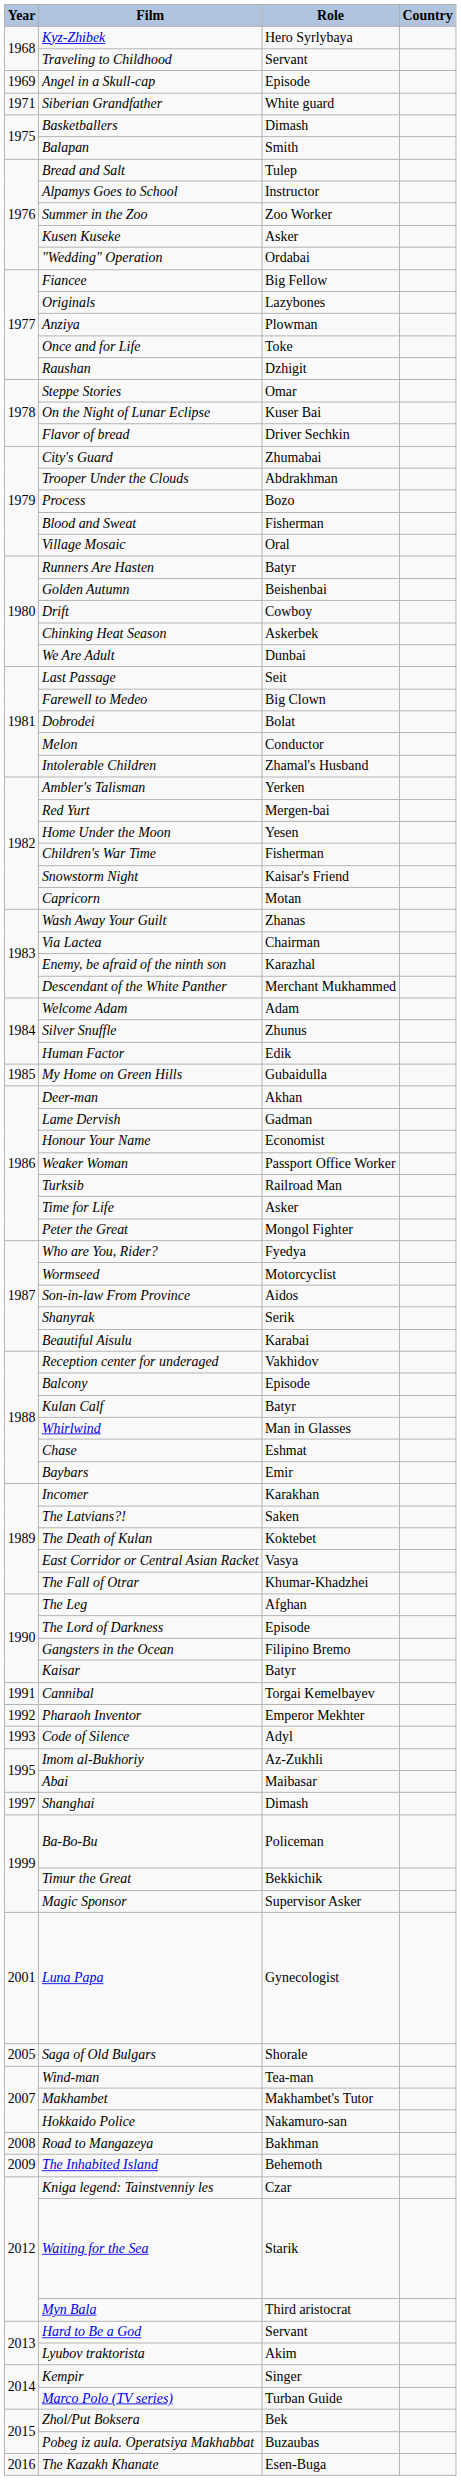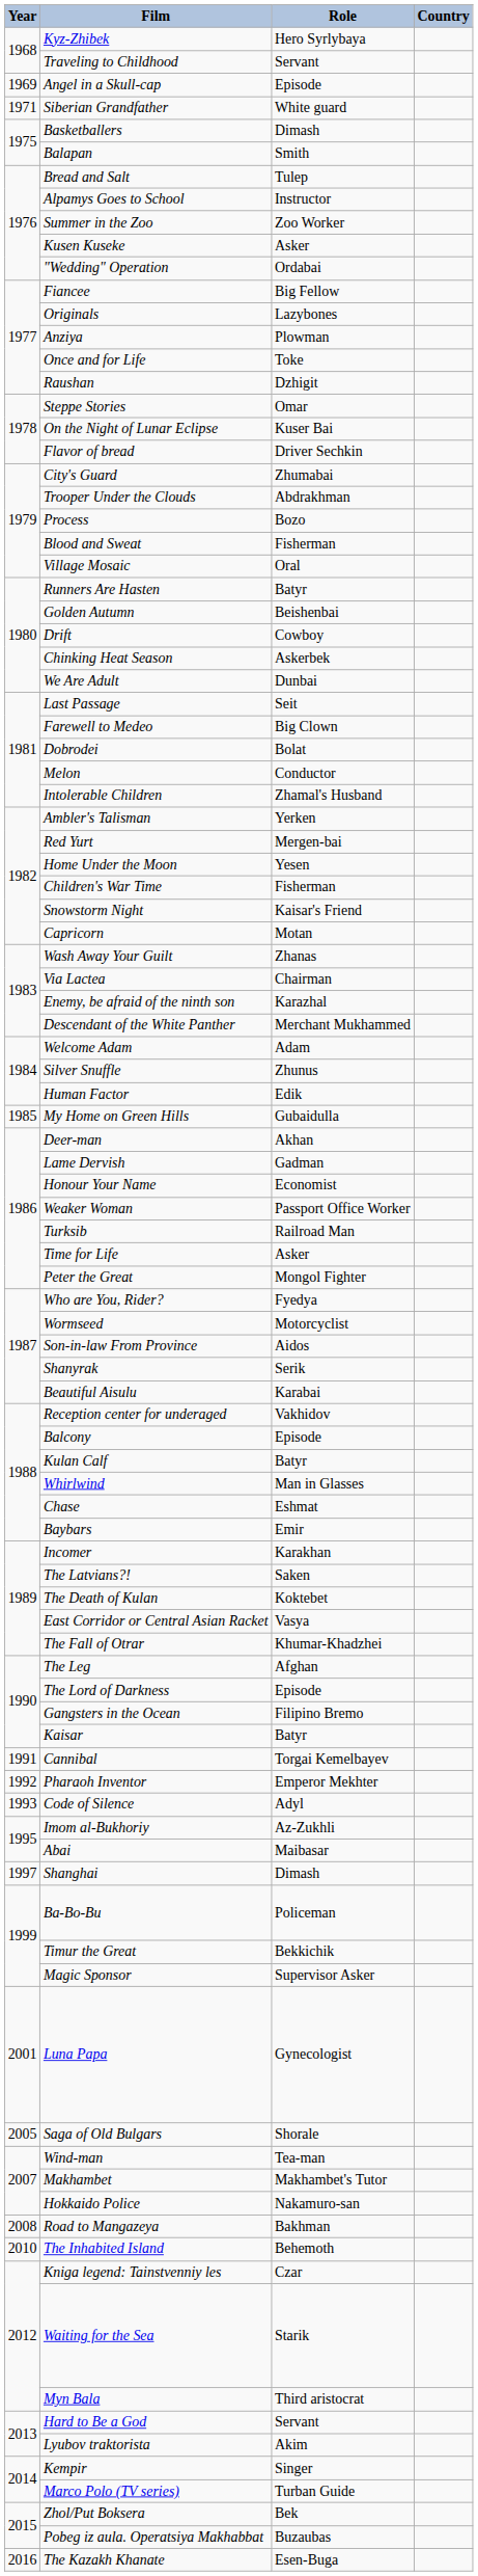 <table class="wikitable">
 <tr>
 <th style="background:#B0C4DE;">Year</th>
 <th style="background:#B0C4DE;">Film</th>
 <th style="background:#B0C4DE;">Role</th>
 <th style="background:#B0C4DE;">Country</th>
 </tr>
 <tr>
 <td rowspan="2">1968</td>
 <td><em><a href='#'>Kyz-Zhibek</a></em></td>
 <td>Hero Syrlybaya</td>
 <td></td>
 </tr>
 <tr>
 <td><em>Traveling to Childhood</em></td>
 <td>Servant</td>
 <td></td>
 </tr>
 <tr>
 <td>1969</td>
 <td><em>Angel in a Skull-cap</em></td>
 <td>Episode</td>
 <td></td>
 </tr>
 <tr>
 <td>1971</td>
 <td><em>Siberian Grandfather</em></td>
 <td>White guard</td>
 <td></td>
 </tr>
 <tr>
 <td rowspan="2">1975</td>
 <td><em>Basketballers</em></td>
 <td>Dimash</td>
 <td></td>
 </tr>
 <tr>
 <td><em>Balapan</em></td>
 <td>Smith</td>
 <td></td>
 </tr>
 <tr>
 <td rowspan="5">1976</td>
 <td><em>Bread and Salt</em></td>
 <td>Tulep</td>
 <td></td>
 </tr>
 <tr>
 <td><em>Alpamys Goes to School</em></td>
 <td>Instructor</td>
 <td></td>
 </tr>
 <tr>
 <td><em>Summer in the Zoo</em></td>
 <td>Zoo Worker</td>
 <td></td>
 </tr>
 <tr>
 <td><em>Kusen Kuseke</em></td>
 <td>Asker</td>
 <td></td>
 </tr>
 <tr>
 <td><em>"Wedding" Operation</em></td>
 <td>Ordabai</td>
 <td></td>
 </tr>
 <tr>
 <td rowspan="5">1977</td>
 <td><em>Fiancee</em></td>
 <td>Big Fellow</td>
 <td></td>
 </tr>
 <tr>
 <td><em>Originals</em></td>
 <td>Lazybones</td>
 <td></td>
 </tr>
 <tr>
 <td><em>Anziya</em></td>
 <td>Plowman</td>
 <td></td>
 </tr>
 <tr>
 <td><em>Once and for Life</em></td>
 <td>Toke</td>
 <td></td>
 </tr>
 <tr>
 <td><em>Raushan</em></td>
 <td>Dzhigit</td>
 <td></td>
 </tr>
 <tr>
 <td rowspan="3">1978</td>
 <td><em>Steppe Stories</em></td>
 <td>Omar</td>
 <td></td>
 </tr>
 <tr>
 <td><em>On the Night of Lunar Eclipse</em></td>
 <td>Kuser Bai</td>
 <td></td>
 </tr>
 <tr>
 <td><em>Flavor of bread</em></td>
 <td>Driver Sechkin</td>
 <td></td>
 </tr>
 <tr>
 <td rowspan="5">1979</td>
 <td><em>City's Guard</em></td>
 <td>Zhumabai</td>
 <td></td>
 </tr>
 <tr>
 <td><em>Trooper Under the Clouds</em></td>
 <td>Abdrakhman</td>
 <td></td>
 </tr>
 <tr>
 <td><em>Process</em></td>
 <td>Bozo</td>
 <td></td>
 </tr>
 <tr>
 <td><em>Blood and Sweat</em></td>
 <td>Fisherman</td>
 <td></td>
 </tr>
 <tr>
 <td><em>Village Mosaic</em></td>
 <td>Oral</td>
 <td></td>
 </tr>
 <tr>
 <td rowspan="5">1980</td>
 <td><em>Runners Are Hasten</em></td>
 <td>Batyr</td>
 <td></td>
 </tr>
 <tr>
 <td><em>Golden Autumn</em></td>
 <td>Beishenbai</td>
 <td></td>
 </tr>
 <tr>
 <td><em>Drift</em></td>
 <td>Cowboy</td>
 <td></td>
 </tr>
 <tr>
 <td><em>Chinking Heat Season</em></td>
 <td>Askerbek</td>
 <td></td>
 </tr>
 <tr>
 <td><em>We Are Adult</em></td>
 <td>Dunbai</td>
 <td></td>
 </tr>
 <tr>
 <td rowspan="5">1981</td>
 <td><em>Last Passage</em></td>
 <td>Seit</td>
 <td></td>
 </tr>
 <tr>
 <td><em>Farewell to Medeo</em></td>
 <td>Big Clown</td>
 <td><br></td>
 </tr>
 <tr>
 <td><em>Dobrodei</em></td>
 <td>Bolat</td>
 <td></td>
 </tr>
 <tr>
 <td><em>Melon</em></td>
 <td>Conductor</td>
 <td></td>
 </tr>
 <tr>
 <td><em>Intolerable Children</em></td>
 <td>Zhamal's Husband</td>
 <td></td>
 </tr>
 <tr>
 <td rowspan="6">1982</td>
 <td><em>Ambler's Talisman</em></td>
 <td>Yerken</td>
 <td></td>
 </tr>
 <tr>
 <td><em>Red Yurt</em></td>
 <td>Mergen-bai</td>
 <td></td>
 </tr>
 <tr>
 <td><em>Home Under the Moon</em></td>
 <td>Yesen</td>
 <td></td>
 </tr>
 <tr>
 <td><em>Children's War Time</em></td>
 <td>Fisherman</td>
 <td></td>
 </tr>
 <tr>
 <td><em>Snowstorm Night</em></td>
 <td>Kaisar's Friend</td>
 <td></td>
 </tr>
 <tr>
 <td><em>Capricorn</em></td>
 <td>Motan</td>
 <td></td>
 </tr>
 <tr>
 <td rowspan="4">1983</td>
 <td><em>Wash Away Your Guilt</em></td>
 <td>Zhanas</td>
 <td></td>
 </tr>
 <tr>
 <td><em>Via Lactea</em></td>
 <td>Chairman</td>
 <td></td>
 </tr>
 <tr>
 <td><em>Enemy, be afraid of the ninth son</em></td>
 <td>Karazhal</td>
 <td></td>
 </tr>
 <tr>
 <td><em>Descendant of the White Panther</em></td>
 <td>Merchant Mukhammed</td>
 <td></td>
 </tr>
 <tr>
 <td rowspan="3">1984</td>
 <td><em>Welcome Adam</em></td>
 <td>Adam</td>
 <td></td>
 </tr>
 <tr>
 <td><em>Silver Snuffle</em></td>
 <td>Zhunus</td>
 <td></td>
 </tr>
 <tr>
 <td><em>Human Factor</em></td>
 <td>Edik</td>
 <td></td>
 </tr>
 <tr>
 <td>1985</td>
 <td><em>My Home on Green Hills</em></td>
 <td>Gubaidulla</td>
 <td></td>
 </tr>
 <tr>
 <td rowspan="7">1986</td>
 <td><em>Deer-man</em></td>
 <td>Akhan</td>
 <td></td>
 </tr>
 <tr>
 <td><em>Lame Dervish</em></td>
 <td>Gadman</td>
 <td><br></td>
 </tr>
 <tr>
 <td><em>Honour Your Name</em></td>
 <td>Economist</td>
 <td></td>
 </tr>
 <tr>
 <td><em>Weaker Woman</em></td>
 <td>Passport Office Worker</td>
 <td></td>
 </tr>
 <tr>
 <td><em>Turksib</em></td>
 <td>Railroad Man</td>
 <td></td>
 </tr>
 <tr>
 <td><em>Time for Life</em></td>
 <td>Asker</td>
 <td></td>
 </tr>
 <tr>
 <td><em>Peter the Great</em></td>
 <td>Mongol Fighter</td>
 <td></td>
 </tr>
 <tr>
 <td rowspan="5">1987</td>
 <td><em>Who are You, Rider?</em></td>
 <td>Fyedya</td>
 <td></td>
 </tr>
 <tr>
 <td><em>Wormseed</em></td>
 <td>Motorcyclist</td>
 <td></td>
 </tr>
 <tr>
 <td><em>Son-in-law From Province</em></td>
 <td>Aidos</td>
 <td></td>
 </tr>
 <tr>
 <td><em>Shanyrak</em></td>
 <td>Serik</td>
 <td></td>
 </tr>
 <tr>
 <td><em>Beautiful Aisulu</em></td>
 <td>Karabai</td>
 <td></td>
 </tr>
 <tr>
 <td rowspan="6">1988</td>
 <td><em>Reception center for underaged</em></td>
 <td>Vakhidov</td>
 <td></td>
 </tr>
 <tr>
 <td><em>Balcony</em></td>
 <td>Episode</td>
 <td></td>
 </tr>
 <tr>
 <td><em>Kulan Calf</em></td>
 <td>Batyr</td>
 <td></td>
 </tr>
 <tr>
 <td><em><a href='#'>Whirlwind</a></em></td>
 <td>Man in Glasses</td>
 <td></td>
 </tr>
 <tr>
 <td><em>Chase</em></td>
 <td>Eshmat</td>
 <td></td>
 </tr>
 <tr>
 <td><em>Baybars</em></td>
 <td>Emir</td>
 <td></td>
 </tr>
 <tr>
 <td rowspan="5">1989</td>
 <td><em>Incomer</em></td>
 <td>Karakhan</td>
 <td></td>
 </tr>
 <tr>
 <td><em>The Latvians?!</em></td>
 <td>Saken</td>
 <td></td>
 </tr>
 <tr>
 <td><em>The Death of Kulan</em></td>
 <td>Koktebet</td>
 <td></td>
 </tr>
 <tr>
 <td><em>East Corridor or Central Asian Racket</em></td>
 <td>Vasya</td>
 <td></td>
 </tr>
 <tr>
 <td><em>The Fall of Otrar</em></td>
 <td>Khumar-Khadzhei</td>
 <td></td>
 </tr>
 <tr>
 <td rowspan="4">1990</td>
 <td><em>The Leg</em></td>
 <td>Afghan</td>
 <td></td>
 </tr>
 <tr>
 <td><em>The Lord of Darkness</em></td>
 <td>Episode</td>
 <td></td>
 </tr>
 <tr>
 <td><em>Gangsters in the Ocean</em></td>
 <td>Filipino Bremo</td>
 <td></td>
 </tr>
 <tr>
 <td><em>Kaisar</em></td>
 <td>Batyr</td>
 <td></td>
 </tr>
 <tr>
 <td>1991</td>
 <td><em>Cannibal</em></td>
 <td>Torgai Kemelbayev</td>
 <td></td>
 </tr>
 <tr>
 <td>1992</td>
 <td><em>Pharaoh Inventor</em></td>
 <td>Emperor Mekhter</td>
 <td><br></td>
 </tr>
 <tr>
 <td>1993</td>
 <td><em>Code of Silence</em></td>
 <td>Adyl</td>
 <td><br></td>
 </tr>
 <tr>
 <td rowspan="2">1995</td>
 <td><em>Imom al-Bukhoriy</em></td>
 <td>Az-Zukhli</td>
 <td><br></td>
 </tr>
 <tr>
 <td><em>Abai</em></td>
 <td>Maibasar</td>
 <td><br></td>
 </tr>
 <tr>
 <td>1997</td>
 <td><em>Shanghai</em></td>
 <td>Dimash</td>
 <td></td>
 </tr>
 <tr>
 <td rowspan="3">1999</td>
 <td><em>Ba-Bo-Bu</em></td>
 <td>Policeman</td>
 <td><br><br><br> </td>
 </tr>
 <tr>
 <td><em>Timur the Great</em></td>
 <td>Bekkichik</td>
 <td></td>
 </tr>
 <tr>
 <td><em>Magic Sponsor</em></td>
 <td>Supervisor Asker</td>
 <td></td>
 </tr>
 <tr>
 <td>2001</td>
 <td><em><a href='#'>Luna Papa</a></em></td>
 <td>Gynecologist</td>
 <td><br><br><br> <br> <br> <br> <br> <br> </td>
 </tr>
 <tr>
 <td>2005</td>
 <td><em>Saga of Old Bulgars</em></td>
 <td>Shorale</td>
 <td><br></td>
 </tr>
 <tr>
 <td rowspan="3">2007</td>
 <td><em>Wind-man</em></td>
 <td>Tea-man</td>
 <td></td>
 </tr>
 <tr>
 <td><em>Makhambet</em></td>
 <td>Makhambet's Tutor</td>
 <td></td>
 </tr>
 <tr>
 <td><em>Hokkaido Police</em></td>
 <td>Nakamuro-san</td>
 <td><br></td>
 </tr>
 <tr>
 <td>2008</td>
 <td><em>Road to Mangazeya</em></td>
 <td>Bakhman</td>
 <td></td>
 </tr>
 <tr>
-<td>2009</td>
+<td>2010</td>
 <td><em><a href='#'>The Inhabited Island</a></em></td>
 <td>Behemoth</td>
 <td></td>
 </tr>
 <tr>
 <td rowspan="3">2012</td>
 <td><em>Kniga legend: Tainstvenniy les</em></td>
 <td>Czar</td>
 <td></td>
 </tr>
 <tr>
 <td><em><a href='#'>Waiting for the Sea</a></em></td>
 <td>Starik</td>
 <td><br><br><br> <br> <br> <br> </td>
 </tr>
 <tr>
 <td><em><a href='#'>Myn Bala</a></em> </td>
 <td>Third aristocrat</td>
 <td></td>
 </tr>
 <tr>
 <td rowspan="2">2013</td>
 <td><em><a href='#'>Hard to Be a God</a></em> </td>
 <td>Servant</td>
 <td></td>
 </tr>
 <tr>
 <td><em>Lyubov traktorista</em></td>
 <td>Akim</td>
 <td></td>
 </tr>
 <tr>
 <td rowspan="2">2014</td>
 <td><em>Kempir</em></td>
 <td>Singer</td>
 <td></td>
 </tr>
 <tr>
 <td><em><a href='#'>Marco Polo (TV series)</a></em></td>
 <td>Turban Guide</td>
 <td></td>
 </tr>
 <tr>
 <td rowspan="2">2015</td>
 <td><em>Zhol/Put Boksera</em></td>
 <td>Bek</td>
 <td></td>
 </tr>
 <tr>
 <td><em>Pobeg iz aula. Operatsiya Makhabbat</em> </td>
 <td>Buzaubas</td>
 <td></td>
 </tr>
 <tr>
 <td>2016</td>
 <td><em>The Kazakh Khanate</em></td>
 <td>Esen-Buga</td>
 <td></td>
 </tr>
 </table>
